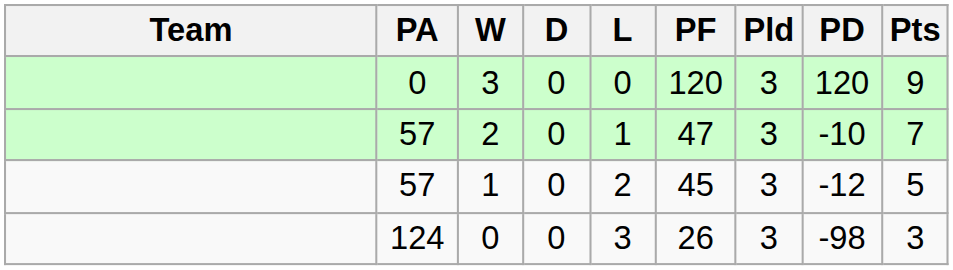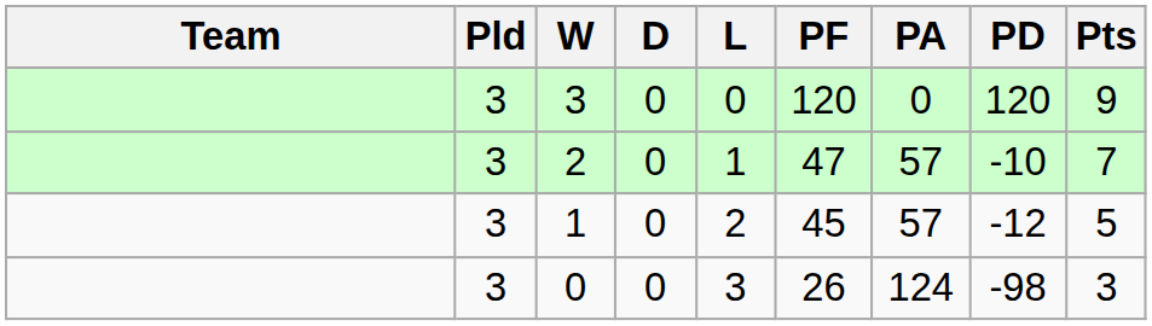 <table class="wikitable" style="text-align:center;">
 <tr>
 <th width=175>Team</th>
-<th width=32 abbr="Points against">PA</th>
+<th width=25 abbr="Played">Pld</th>
 <th width=25 abbr="Won">W</th>
 <th width=25 abbr="Drawn">D</th>
 <th width=25 abbr="Lost">L</th>
 <th width=32 abbr="Points for">PF</th>
-<th width=25 abbr="Played">Pld</th>
+<th width=32 abbr="Points against">PA</th>
 <th width=32 abbr="Points difference">PD</th>
 <th width=25 abbr="Points">Pts</th>
 </tr>
 <tr bgcolor="#ccffcc">
 <td align=left></td>
-<td>0</td>
+<td>3</td>
 <td>3</td>
 <td>0</td>
 <td>0</td>
 <td>120</td>
-<td>3</td>
+<td>0</td>
 <td>120</td>
 <td>9</td>
 </tr>
 <tr bgcolor="#ccffcc">
 <td align=left></td>
-<td>57</td>
+<td>3</td>
 <td>2</td>
 <td>0</td>
 <td>1</td>
 <td>47</td>
-<td>3</td>
+<td>57</td>
 <td>-10</td>
 <td>7</td>
 </tr>
 <tr>
 <td align=left></td>
-<td>57</td>
+<td>3</td>
 <td>1</td>
 <td>0</td>
 <td>2</td>
 <td>45</td>
-<td>3</td>
+<td>57</td>
 <td>-12</td>
 <td>5</td>
 </tr>
 <tr>
 <td align=left></td>
-<td>124</td>
+<td>3</td>
 <td>0</td>
 <td>0</td>
 <td>3</td>
 <td>26</td>
-<td>3</td>
+<td>124</td>
 <td>-98</td>
 <td>3</td>
 </tr>
 </table>
